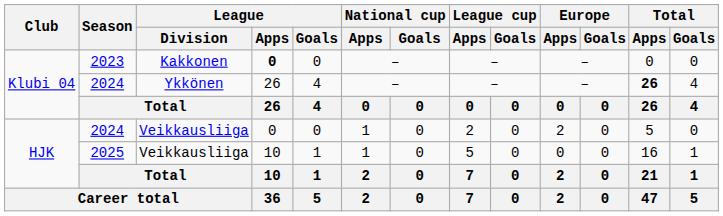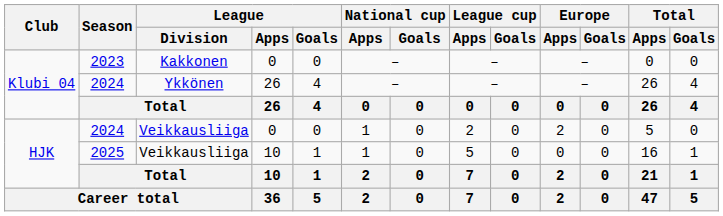 <table class="wikitable" style="text-align:center">
 <tr>
 <th rowspan="2">Club</th>
 <th rowspan="2">Season</th>
 <th colspan="3">League</th>
 <th colspan="2">National cup</th>
 <th colspan="2">League cup</th>
 <th colspan="2">Europe</th>
 <th colspan="2">Total</th>
 </tr>
 <tr>
 <th>Division</th>
 <th>Apps</th>
 <th>Goals</th>
 <th>Apps</th>
 <th>Goals</th>
 <th>Apps</th>
 <th>Goals</th>
 <th>Apps</th>
 <th>Goals</th>
 <th>Apps</th>
 <th>Goals</th>
 </tr>
 <tr>
 <td rowspan=3><a href='#'>Klubi 04</a></td>
 <td><a href='#'>2023</a></td>
 <td><a href='#'>Kakkonen</a></td>
-<td><strong>0</strong></td>
+<td>0</td>
 <td>0</td>
 <td colspan=2>–</td>
 <td colspan=2>–</td>
 <td colspan=2>–</td>
 <td>0</td>
 <td>0</td>
 </tr>
 <tr>
 <td><a href='#'>2024</a></td>
 <td><a href='#'>Ykkönen</a></td>
 <td>26</td>
 <td>4</td>
 <td colspan=2>–</td>
 <td colspan=2>–</td>
 <td colspan=2>–</td>
-<td><strong>26</strong></td>
+<td>26</td>
 <td>4</td>
 </tr>
 <tr>
 <th colspan=2>Total</th>
 <th>26</th>
 <th>4</th>
 <th>0</th>
 <th>0</th>
 <th>0</th>
 <th>0</th>
 <th>0</th>
 <th>0</th>
 <th>26</th>
 <th>4</th>
 </tr>
 <tr>
 <td rowspan=3><a href='#'>HJK</a></td>
 <td><a href='#'>2024</a></td>
 <td><a href='#'>Veikkausliiga</a></td>
 <td>0</td>
 <td>0</td>
 <td>1</td>
 <td>0</td>
 <td>2</td>
 <td>0</td>
 <td>2</td>
 <td>0</td>
 <td>5</td>
 <td>0</td>
 </tr>
 <tr>
 <td><a href='#'>2025</a></td>
 <td>Veikkausliiga</td>
 <td>10</td>
 <td>1</td>
 <td>1</td>
 <td>0</td>
 <td>5</td>
 <td>0</td>
 <td>0</td>
 <td>0</td>
 <td>16</td>
 <td>1</td>
 </tr>
 <tr>
 <th colspan=2>Total</th>
 <th>10</th>
 <th>1</th>
 <th>2</th>
 <th>0</th>
 <th>7</th>
 <th>0</th>
 <th>2</th>
 <th>0</th>
 <th>21</th>
 <th>1</th>
 </tr>
 <tr>
 <th colspan="3">Career total</th>
 <th>36</th>
 <th>5</th>
 <th>2</th>
 <th>0</th>
 <th>7</th>
 <th>0</th>
 <th>2</th>
 <th>0</th>
 <th>47</th>
 <th>5</th>
 </tr>
 </table>
